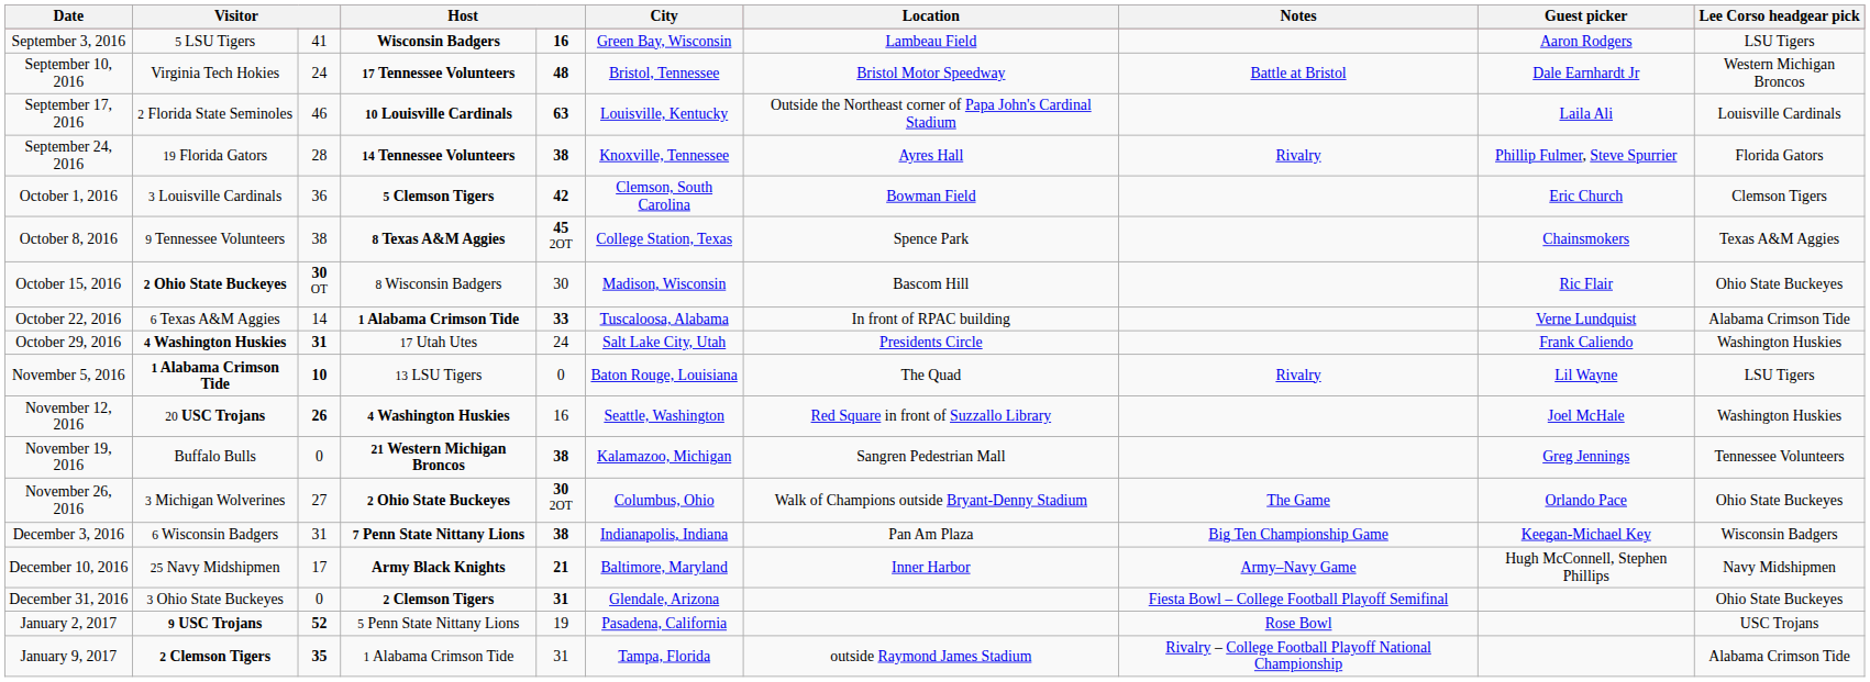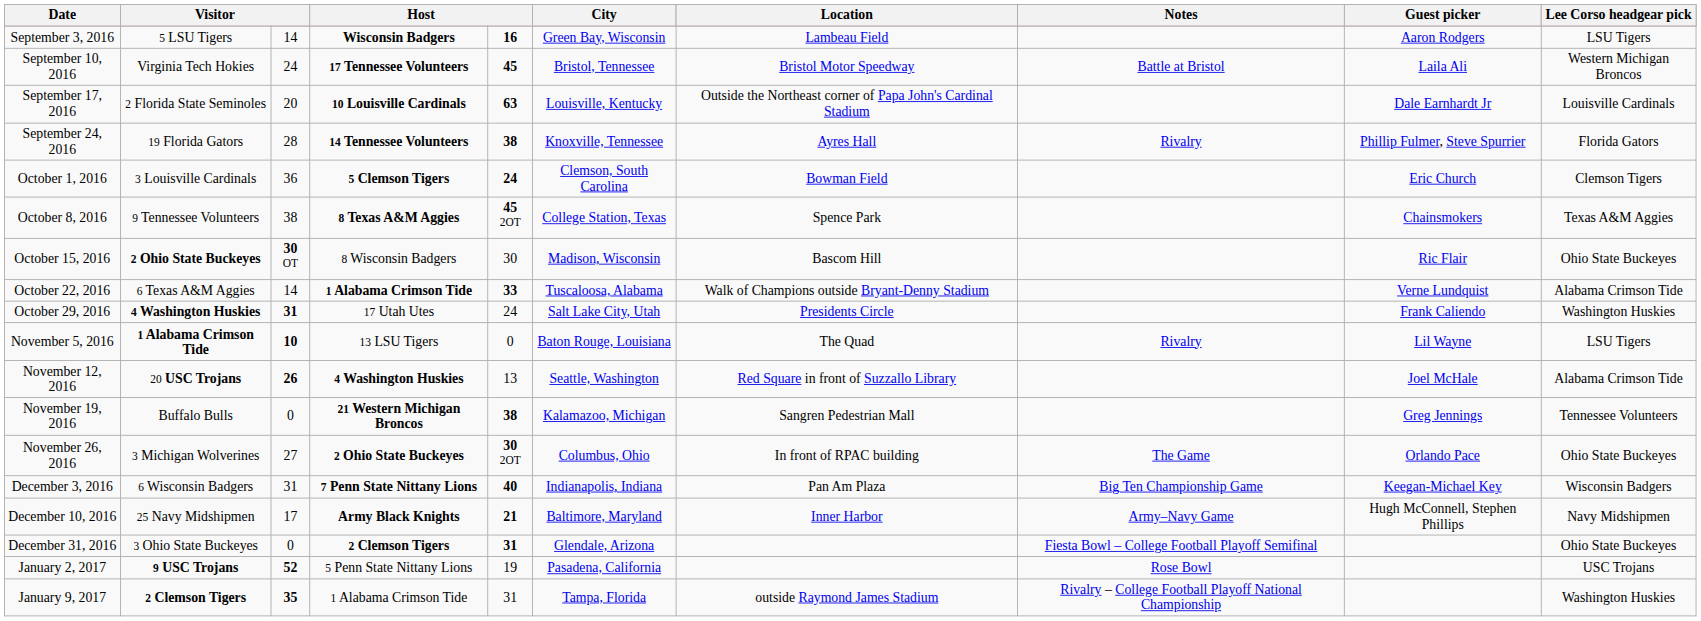 <table class="wikitable" style="text-align:center">
 <tr style="background:#A32638;"|>
 <th>Date</th>
 <th colspan=2>Visitor</th>
 <th colspan=2>Host</th>
 <th>City</th>
 <th>Location</th>
 <th>Notes</th>
 <th>Guest picker</th>
 <th>Lee Corso headgear pick</th>
 </tr>
 <tr>
 <td>September 3, 2016</td>
 <td><small>5</small> LSU Tigers</td>
-<td>41</td>
+<td>14</td>
 <td><strong>Wisconsin Badgers</strong></td>
 <td><strong>16</strong></td>
 <td><a href='#'>Green Bay, Wisconsin</a></td>
 <td><a href='#'>Lambeau Field</a></td>
 <td></td>
 <td><a href='#'>Aaron Rodgers</a></td>
 <td>LSU Tigers</td>
 </tr>
 <tr>
 <td>September 10, 2016</td>
 <td>Virginia Tech Hokies</td>
 <td>24</td>
 <td><strong><small>17</small> Tennessee Volunteers</strong></td>
-<td><strong>48</strong></td>
+<td><strong>45</strong></td>
 <td><a href='#'>Bristol, Tennessee</a></td>
 <td><a href='#'>Bristol Motor Speedway</a></td>
 <td><a href='#'>Battle at Bristol</a></td>
-<td><a href='#'>Dale Earnhardt Jr</a></td>
+<td><a href='#'>Laila Ali</a></td>
 <td>Western Michigan Broncos</td>
 </tr>
 <tr>
 <td>September 17, 2016</td>
 <td><small>2</small> Florida State Seminoles</td>
-<td>46</td>
+<td>20</td>
 <td><strong><small>10</small> Louisville Cardinals</strong></td>
 <td><strong>63</strong></td>
 <td><a href='#'>Louisville, Kentucky</a></td>
 <td>Outside the Northeast corner of <a href='#'>Papa John's Cardinal Stadium</a></td>
 <td></td>
-<td><a href='#'>Laila Ali</a></td>
+<td><a href='#'>Dale Earnhardt Jr</a></td>
 <td>Louisville Cardinals</td>
 </tr>
 <tr>
 <td>September 24, 2016</td>
 <td><small>19</small> Florida Gators</td>
 <td>28</td>
 <td><strong><small>14</small> Tennessee Volunteers</strong></td>
 <td><strong>38</strong></td>
 <td><a href='#'>Knoxville, Tennessee</a></td>
 <td><a href='#'>Ayres Hall</a></td>
 <td><a href='#'>Rivalry</a></td>
 <td><a href='#'>Phillip Fulmer</a>, <a href='#'>Steve Spurrier</a></td>
 <td>Florida Gators</td>
 </tr>
 <tr>
 <td>October 1, 2016</td>
 <td><small>3</small> Louisville Cardinals</td>
 <td>36</td>
 <td><strong><small>5</small> Clemson Tigers</strong></td>
-<td><strong>42</strong></td>
+<td><strong>24</strong></td>
 <td><a href='#'>Clemson, South Carolina</a></td>
 <td><a href='#'>Bowman Field</a></td>
 <td></td>
 <td><a href='#'>Eric Church</a></td>
 <td>Clemson Tigers</td>
 </tr>
 <tr>
 <td>October 8, 2016</td>
 <td><small>9</small> Tennessee Volunteers</td>
 <td>38</td>
 <td><strong><small>8</small> Texas A&M Aggies</strong></td>
 <td><strong>45</strong> <sup>2OT</sup></td>
 <td><a href='#'>College Station, Texas</a></td>
 <td>Spence Park</td>
 <td></td>
 <td><a href='#'>Chainsmokers</a></td>
 <td>Texas A&M Aggies</td>
 </tr>
 <tr>
 <td>October 15, 2016</td>
 <td><strong><small>2</small> Ohio State Buckeyes</strong></td>
 <td><strong>30</strong> <sup>OT</sup></td>
 <td><small>8</small> Wisconsin Badgers</td>
 <td>30</td>
 <td><a href='#'>Madison, Wisconsin</a></td>
 <td>Bascom Hill</td>
 <td></td>
 <td><a href='#'>Ric Flair</a></td>
 <td>Ohio State Buckeyes</td>
 </tr>
 <tr>
 <td>October 22, 2016</td>
 <td><small>6</small> Texas A&M Aggies</td>
 <td>14</td>
 <td><strong><small>1</small> Alabama Crimson Tide</strong></td>
 <td><strong>33</strong></td>
 <td><a href='#'>Tuscaloosa, Alabama</a></td>
-<td>In front of RPAC building</td>
+<td>Walk of Champions outside <a href='#'>Bryant-Denny Stadium</a></td>
 <td></td>
 <td><a href='#'>Verne Lundquist</a></td>
 <td>Alabama Crimson Tide</td>
 </tr>
 <tr>
 <td>October 29, 2016</td>
 <td><strong><small>4</small> Washington Huskies</strong></td>
 <td><strong>31</strong></td>
 <td><small>17</small> Utah Utes</td>
 <td>24</td>
 <td><a href='#'>Salt Lake City, Utah</a></td>
 <td><a href='#'>Presidents Circle</a></td>
 <td></td>
 <td><a href='#'>Frank Caliendo</a></td>
 <td>Washington Huskies</td>
 </tr>
 <tr>
 <td>November 5, 2016</td>
 <td><strong><small>1</small> Alabama Crimson Tide</strong></td>
 <td><strong>10</strong></td>
 <td><small>13</small> LSU Tigers</td>
 <td>0</td>
 <td><a href='#'>Baton Rouge, Louisiana</a></td>
 <td>The Quad</td>
 <td><a href='#'>Rivalry</a></td>
 <td><a href='#'>Lil Wayne</a></td>
 <td>LSU Tigers</td>
 </tr>
 <tr>
 <td>November 12, 2016</td>
 <td><small>20</small> <strong>USC Trojans</strong></td>
 <td><strong>26</strong></td>
 <td><strong><small>4</small> Washington Huskies</strong></td>
-<td>16</td>
+<td>13</td>
 <td><a href='#'>Seattle, Washington</a></td>
 <td><a href='#'>Red Square</a> in front of <a href='#'>Suzzallo Library</a></td>
 <td></td>
 <td><a href='#'>Joel McHale</a></td>
-<td>Washington Huskies</td>
+<td>Alabama Crimson Tide</td>
 </tr>
 <tr>
 <td>November 19, 2016</td>
 <td>Buffalo Bulls</td>
 <td>0</td>
 <td><strong><small>21</small> Western Michigan Broncos</strong></td>
 <td><strong>38</strong></td>
 <td><a href='#'>Kalamazoo, Michigan</a></td>
 <td>Sangren Pedestrian Mall</td>
 <td></td>
 <td><a href='#'>Greg Jennings</a></td>
 <td>Tennessee Volunteers</td>
 </tr>
 <tr>
 <td>November 26, 2016</td>
 <td><small>3</small> Michigan Wolverines</td>
 <td>27</td>
 <td><strong><small>2</small> Ohio State Buckeyes</strong></td>
 <td><strong>30</strong> <sup>2OT</sup></td>
 <td><a href='#'>Columbus, Ohio</a></td>
-<td>Walk of Champions outside <a href='#'>Bryant-Denny Stadium</a></td>
+<td>In front of RPAC building</td>
 <td><a href='#'>The Game</a></td>
 <td><a href='#'>Orlando Pace</a></td>
 <td>Ohio State Buckeyes</td>
 </tr>
 <tr>
 <td>December 3, 2016</td>
 <td><small>6</small> Wisconsin Badgers</td>
 <td>31</td>
 <td><strong><small>7</small> Penn State Nittany Lions</strong></td>
-<td><strong>38</strong></td>
+<td><strong>40</strong></td>
 <td><a href='#'>Indianapolis, Indiana</a></td>
 <td>Pan Am Plaza</td>
 <td><a href='#'>Big Ten Championship Game</a></td>
 <td><a href='#'>Keegan-Michael Key</a></td>
 <td>Wisconsin Badgers</td>
 </tr>
 <tr>
 <td>December 10, 2016</td>
 <td><small>25</small> Navy Midshipmen</td>
 <td>17</td>
 <td><strong>Army Black Knights</strong></td>
 <td><strong>21</strong></td>
 <td><a href='#'>Baltimore, Maryland</a></td>
 <td><a href='#'>Inner Harbor</a></td>
 <td><a href='#'>Army–Navy Game</a></td>
 <td>Hugh McConnell, Stephen Phillips</td>
 <td>Navy Midshipmen</td>
 </tr>
 <tr>
 <td>December 31, 2016</td>
 <td><small>3</small> Ohio State Buckeyes</td>
 <td>0</td>
 <td><strong><small>2</small> Clemson Tigers</strong></td>
 <td><strong>31</strong></td>
 <td><a href='#'>Glendale, Arizona</a></td>
 <td></td>
 <td><a href='#'>Fiesta Bowl – College Football Playoff Semifinal</a></td>
 <td></td>
 <td>Ohio State Buckeyes</td>
 </tr>
 <tr>
 <td>January 2, 2017</td>
 <td><strong><small>9</small> USC Trojans</strong></td>
 <td><strong>52</strong></td>
 <td><small>5</small> Penn State Nittany Lions</td>
 <td>19</td>
 <td><a href='#'>Pasadena, California</a></td>
 <td></td>
 <td><a href='#'>Rose Bowl</a></td>
 <td></td>
 <td>USC Trojans</td>
 </tr>
 <tr>
 <td>January 9, 2017</td>
 <td><strong><small>2</small> Clemson Tigers</strong></td>
 <td><strong>35</strong></td>
 <td><small>1</small> Alabama Crimson Tide</td>
 <td>31</td>
 <td><a href='#'>Tampa, Florida</a></td>
 <td>outside <a href='#'>Raymond James Stadium</a></td>
 <td><a href='#'>Rivalry</a> – <a href='#'>College Football Playoff National Championship</a></td>
 <td></td>
-<td>Alabama Crimson Tide</td>
+<td>Washington Huskies</td>
 </tr>
 </table>
